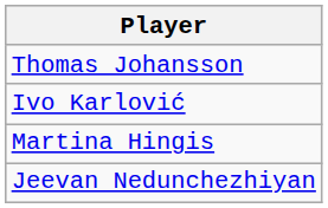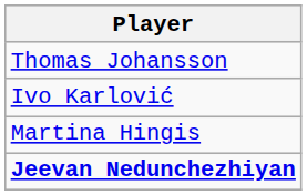 <table class="wikitable">
 <tr>
 <th>Player</th>
 </tr>
 <tr>
 <td> <a href='#'>Thomas Johansson</a></td>
 </tr>
 <tr>
 <td> <a href='#'>Ivo Karlović</a></td>
 </tr>
 <tr>
 <td> <a href='#'>Martina Hingis</a></td>
 </tr>
 <tr>
-<td> <a href='#'>Jeevan Nedunchezhiyan</a></td>
+<td><strong> <a href='#'>Jeevan Nedunchezhiyan</a></strong></td>
 </tr>
 </table>
